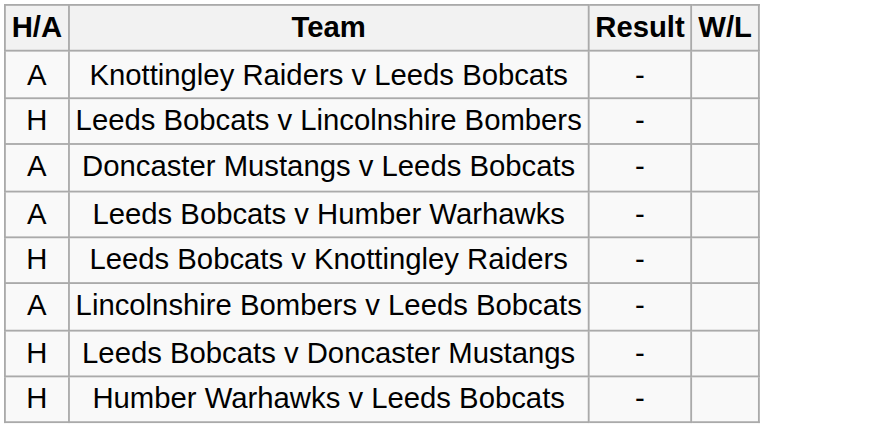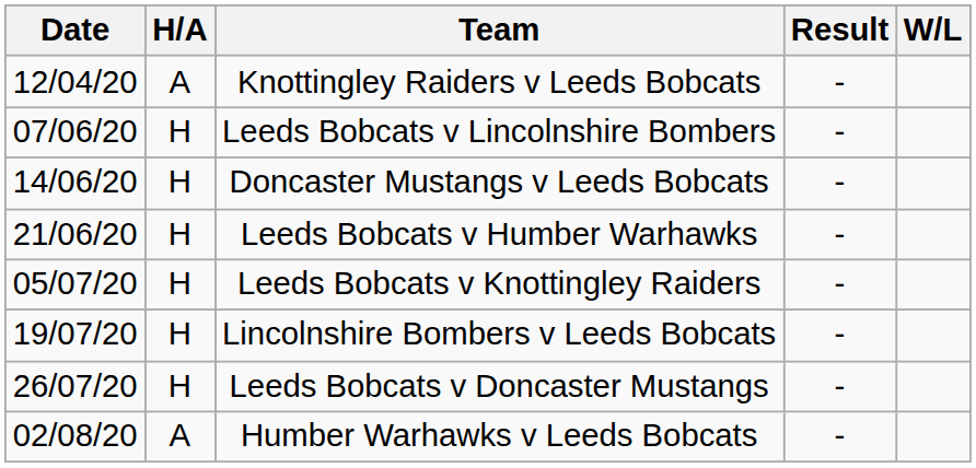 <table class="wikitable" style="text-align: center;">
 <tr>
+<th>Date</th>
 <th>H/A</th>
 <th>Team</th>
 <th>Result</th>
 <th>W/L</th>
 </tr>
 <tr>
+<td>12/04/20</td>
 <td>A</td>
 <td>Knottingley Raiders v Leeds Bobcats</td>
 <td>-</td>
 <td></td>
 </tr>
 <tr>
+<td>07/06/20</td>
 <td>H</td>
 <td>Leeds Bobcats v Lincolnshire Bombers</td>
 <td>-</td>
 <td></td>
 </tr>
 <tr>
-<td>A</td>
+<td>14/06/20</td>
+<td>H</td>
 <td>Doncaster Mustangs v Leeds Bobcats</td>
 <td>-</td>
 <td></td>
 </tr>
 <tr>
-<td>A</td>
+<td>21/06/20</td>
+<td>H</td>
 <td>Leeds Bobcats v Humber Warhawks</td>
 <td>-</td>
 <td></td>
 </tr>
 <tr>
+<td>05/07/20</td>
 <td>H</td>
 <td>Leeds Bobcats v Knottingley Raiders</td>
 <td>-</td>
 <td></td>
 </tr>
 <tr>
-<td>A</td>
+<td>19/07/20</td>
+<td>H</td>
 <td>Lincolnshire Bombers v Leeds Bobcats</td>
 <td>-</td>
 <td></td>
 </tr>
 <tr>
+<td>26/07/20</td>
 <td>H</td>
 <td>Leeds Bobcats v Doncaster Mustangs</td>
 <td>-</td>
 <td></td>
 </tr>
 <tr>
-<td>H</td>
+<td>02/08/20</td>
+<td>A</td>
 <td>Humber Warhawks v Leeds Bobcats</td>
 <td>-</td>
 <td></td>
 </tr>
 </table>
